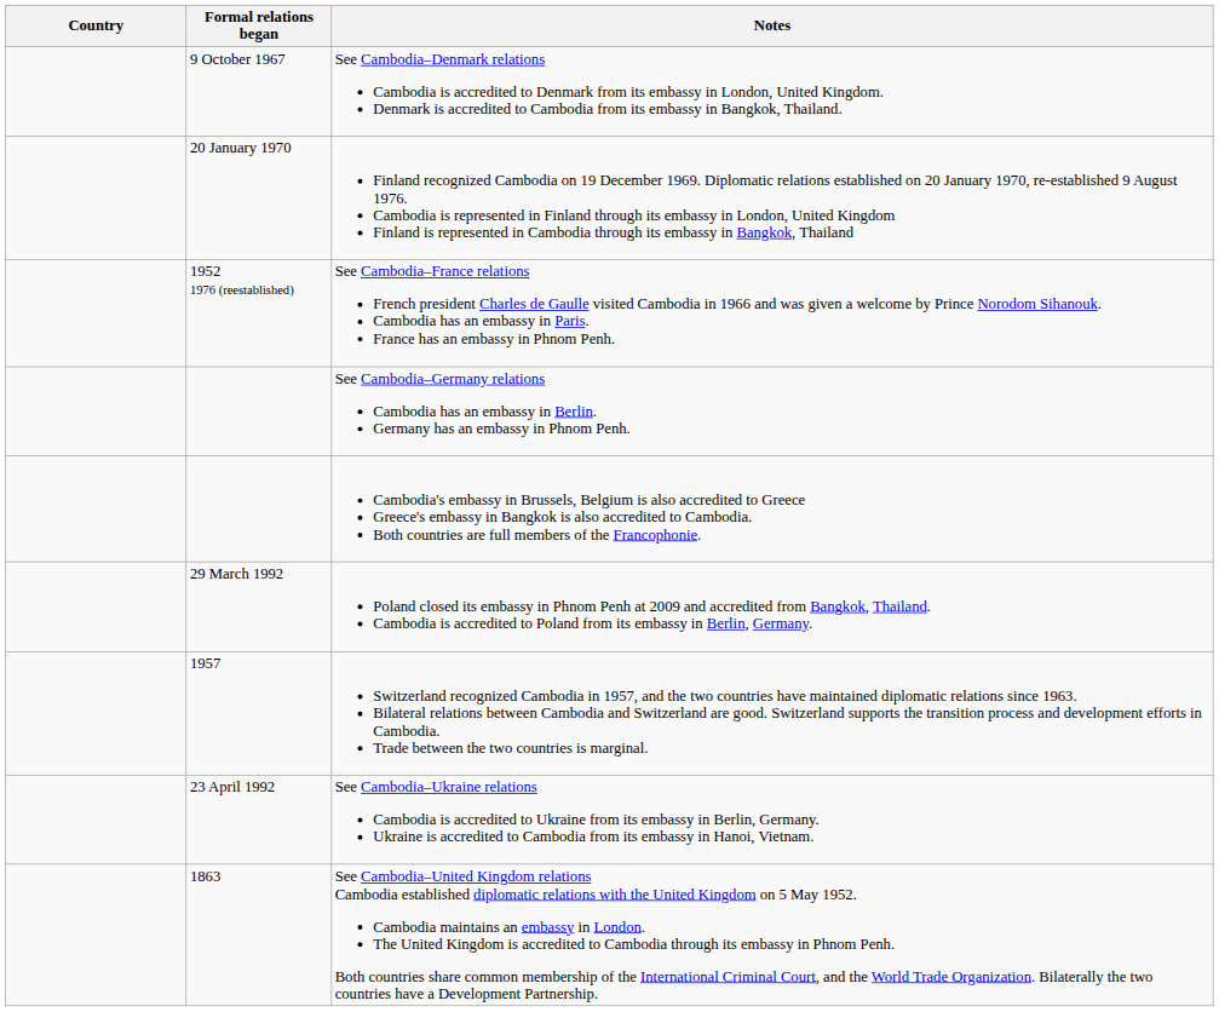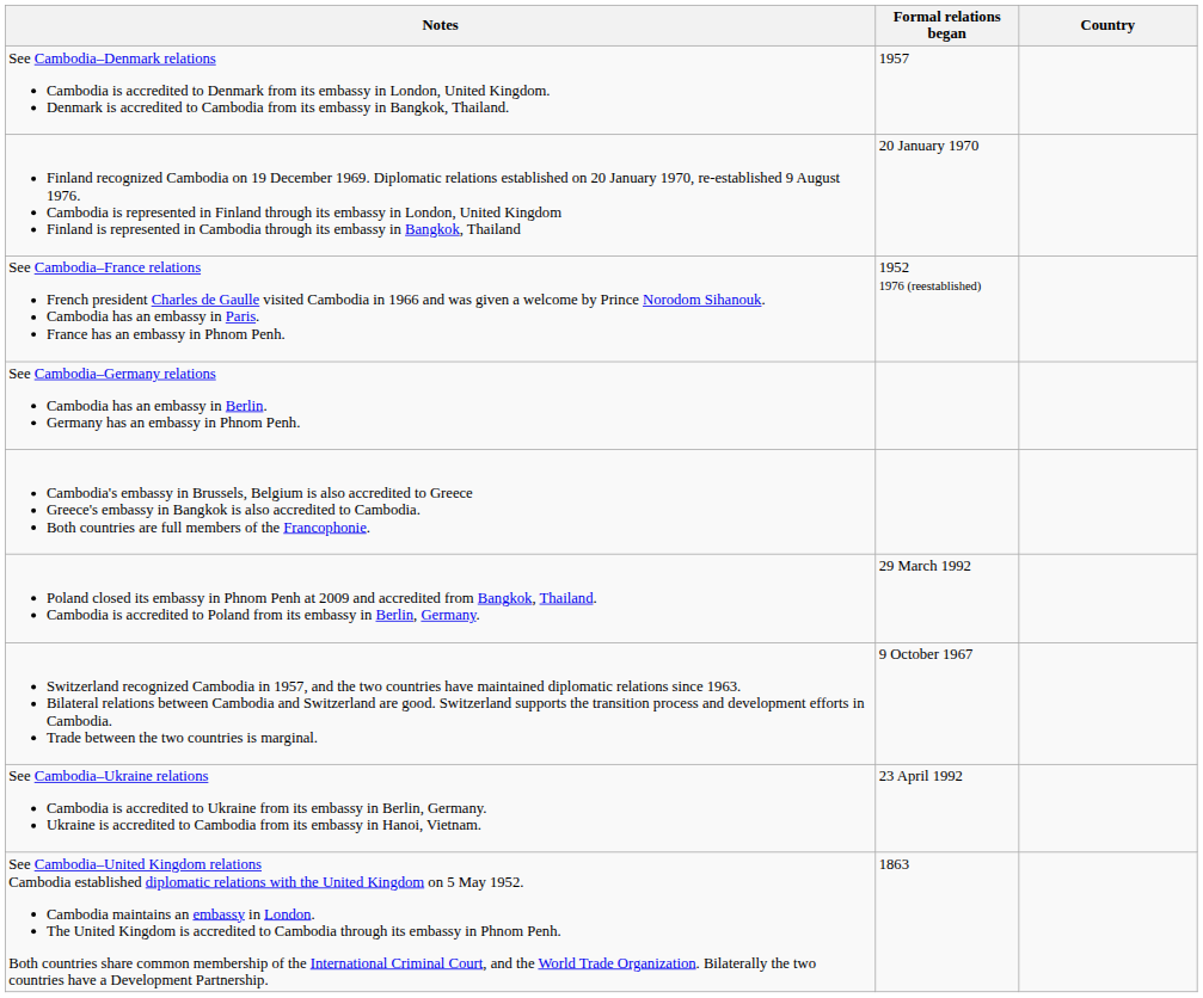 <table class="wikitable sortable" border="1" style="width:100%; margin:auto;">
 <tr>
+<th>Notes</th>
+<th width="12%">Formal relations began</th>
 <th width="15%">Country</th>
-<th width="12%">Formal relations began</th>
-<th>Notes</th>
 </tr>
 <tr valign="top">
+<td>See <a href='#'>Cambodia–Denmark relations</a><br><ul><li>Cambodia is accredited to Denmark from its embassy in London, United Kingdom.</li><li>Denmark is accredited to Cambodia from its embassy in Bangkok, Thailand.</li></ul></td>
+<td>1957</td>
 <td></td>
-<td>9 October 1967</td>
-<td>See <a href='#'>Cambodia–Denmark relations</a><br><ul><li>Cambodia is accredited to Denmark from its embassy in London, United Kingdom.</li><li>Denmark is accredited to Cambodia from its embassy in Bangkok, Thailand.</li></ul></td>
 </tr>
 <tr valign="top">
+<td><br><ul><li>Finland recognized Cambodia on 19 December 1969. Diplomatic relations established on 20 January 1970, re-established 9 August 1976.</li><li>Cambodia is represented in Finland through its embassy in London, United Kingdom</li><li>Finland is represented in Cambodia through its embassy in <a href='#'>Bangkok</a>, Thailand</li></ul></td>
+<td>20 January 1970</td>
 <td></td>
-<td>20 January 1970</td>
-<td><br><ul><li>Finland recognized Cambodia on 19 December 1969. Diplomatic relations established on 20 January 1970, re-established 9 August 1976.</li><li>Cambodia is represented in Finland through its embassy in London, United Kingdom</li><li>Finland is represented in Cambodia through its embassy in <a href='#'>Bangkok</a>, Thailand</li></ul></td>
 </tr>
 <tr valign="top">
+<td>See <a href='#'>Cambodia–France relations</a><br><ul><li>French president <a href='#'>Charles de Gaulle</a> visited Cambodia in 1966 and was given a welcome by Prince <a href='#'>Norodom Sihanouk</a>.</li><li>Cambodia has an embassy in <a href='#'>Paris</a>.</li><li>France has an embassy in Phnom Penh.</li></ul></td>
+<td>1952 <br> <small> 1976 (reestablished)</small></td>
 <td></td>
-<td>1952 <br> <small> 1976 (reestablished)</small></td>
-<td>See <a href='#'>Cambodia–France relations</a><br><ul><li>French president <a href='#'>Charles de Gaulle</a> visited Cambodia in 1966 and was given a welcome by Prince <a href='#'>Norodom Sihanouk</a>.</li><li>Cambodia has an embassy in <a href='#'>Paris</a>.</li><li>France has an embassy in Phnom Penh.</li></ul></td>
 </tr>
 <tr>
+<td>See <a href='#'>Cambodia–Germany relations</a><br><ul><li>Cambodia has an embassy in <a href='#'>Berlin</a>.</li><li>Germany has an embassy in Phnom Penh.</li></ul></td>
 <td></td>
 <td></td>
-<td>See <a href='#'>Cambodia–Germany relations</a><br><ul><li>Cambodia has an embassy in <a href='#'>Berlin</a>.</li><li>Germany has an embassy in Phnom Penh.</li></ul></td>
 </tr>
 <tr valign="top">
+<td><br><ul><li>Cambodia's embassy in Brussels, Belgium is also accredited to Greece</li><li>Greece's embassy in Bangkok is also accredited to Cambodia.</li><li>Both countries are full members of the <a href='#'>Francophonie</a>.</li></ul></td>
 <td></td>
 <td></td>
-<td><br><ul><li>Cambodia's embassy in Brussels, Belgium is also accredited to Greece</li><li>Greece's embassy in Bangkok is also accredited to Cambodia.</li><li>Both countries are full members of the <a href='#'>Francophonie</a>.</li></ul></td>
 </tr>
 <tr valign="top">
+<td><br><ul><li>Poland closed its embassy in Phnom Penh at 2009 and accredited from <a href='#'>Bangkok</a>, <a href='#'>Thailand</a>.</li><li>Cambodia is accredited to Poland from its embassy in <a href='#'>Berlin</a>, <a href='#'>Germany</a>.</li></ul></td>
+<td>29 March 1992</td>
 <td></td>
-<td>29 March 1992</td>
-<td><br><ul><li>Poland closed its embassy in Phnom Penh at 2009 and accredited from <a href='#'>Bangkok</a>, <a href='#'>Thailand</a>.</li><li>Cambodia is accredited to Poland from its embassy in <a href='#'>Berlin</a>, <a href='#'>Germany</a>.</li></ul></td>
 </tr>
 <tr valign="top">
+<td><br><ul><li>Switzerland recognized Cambodia in 1957, and the two countries have maintained diplomatic relations since 1963.</li><li>Bilateral relations between Cambodia and Switzerland are good. Switzerland supports the transition process and development efforts in Cambodia.</li><li>Trade between the two countries is marginal.</li></ul></td>
+<td>9 October 1967</td>
 <td></td>
-<td>1957</td>
-<td><br><ul><li>Switzerland recognized Cambodia in 1957, and the two countries have maintained diplomatic relations since 1963.</li><li>Bilateral relations between Cambodia and Switzerland are good. Switzerland supports the transition process and development efforts in Cambodia.</li><li>Trade between the two countries is marginal.</li></ul></td>
 </tr>
 <tr valign="top">
+<td>See <a href='#'>Cambodia–Ukraine relations</a><br><ul><li>Cambodia is accredited to Ukraine from its embassy in Berlin, Germany.</li><li>Ukraine is accredited to Cambodia from its embassy in Hanoi, Vietnam.</li></ul></td>
+<td>23 April 1992</td>
 <td></td>
-<td>23 April 1992</td>
-<td>See <a href='#'>Cambodia–Ukraine relations</a><br><ul><li>Cambodia is accredited to Ukraine from its embassy in Berlin, Germany.</li><li>Ukraine is accredited to Cambodia from its embassy in Hanoi, Vietnam.</li></ul></td>
 </tr>
 <tr valign="top">
+<td>See <a href='#'>Cambodia–United Kingdom relations</a><br>Cambodia established <a href='#'>diplomatic relations with the United Kingdom</a> on 5 May 1952.<ul><li>Cambodia maintains an <a href='#'>embassy</a> in <a href='#'>London</a>.</li><li>The United Kingdom is accredited to Cambodia through its embassy in Phnom Penh.</li></ul>Both countries share common membership of the <a href='#'>International Criminal Court</a>, and the <a href='#'>World Trade Organization</a>. Bilaterally the two countries have a Development Partnership.</td>
+<td>1863</td>
 <td></td>
-<td>1863</td>
-<td>See <a href='#'>Cambodia–United Kingdom relations</a><br>Cambodia established <a href='#'>diplomatic relations with the United Kingdom</a> on 5 May 1952.<ul><li>Cambodia maintains an <a href='#'>embassy</a> in <a href='#'>London</a>.</li><li>The United Kingdom is accredited to Cambodia through its embassy in Phnom Penh.</li></ul>Both countries share common membership of the <a href='#'>International Criminal Court</a>, and the <a href='#'>World Trade Organization</a>. Bilaterally the two countries have a Development Partnership.</td>
 </tr>
 </table>
